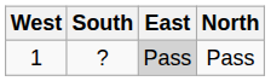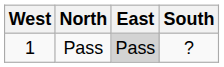 <table class=wikitable style="float:left; margin-top:5px; margin-right:10px;">
 <tr>
 <th>West</th>
+<th>North</th>
+<th>East</th>
 <th>South</th>
-<th>East</th>
-<th>North</th>
 </tr>
 <tr align=center>
 <td>1</td>
+<td>Pass</td>
+<td style="background: lightgrey;">Pass</td>
 <td>?</td>
-<td style="background: lightgrey;">Pass</td>
-<td>Pass</td>
 </tr>
 </table>
